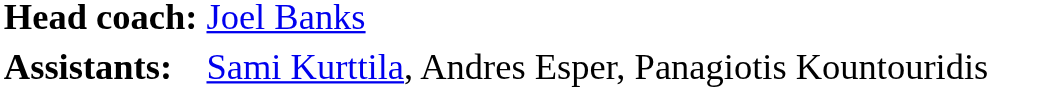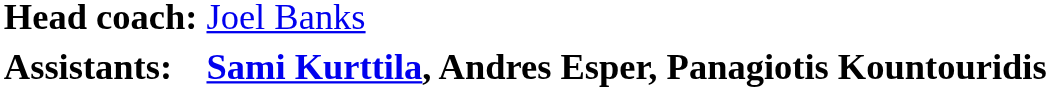 <table>
 <tr>
 <td><strong>Head coach:</strong></td>
 <td><a href='#'>Joel Banks</a></td>
 </tr>
 <tr>
 <td><strong>Assistants:</strong></td>
-<td><a href='#'>Sami Kurttila</a>, Andres Esper, Panagiotis Kountouridis</td>
+<td><strong><a href='#'>Sami Kurttila</a>, Andres Esper, Panagiotis Kountouridis</strong></td>
 </tr>
 </table>
